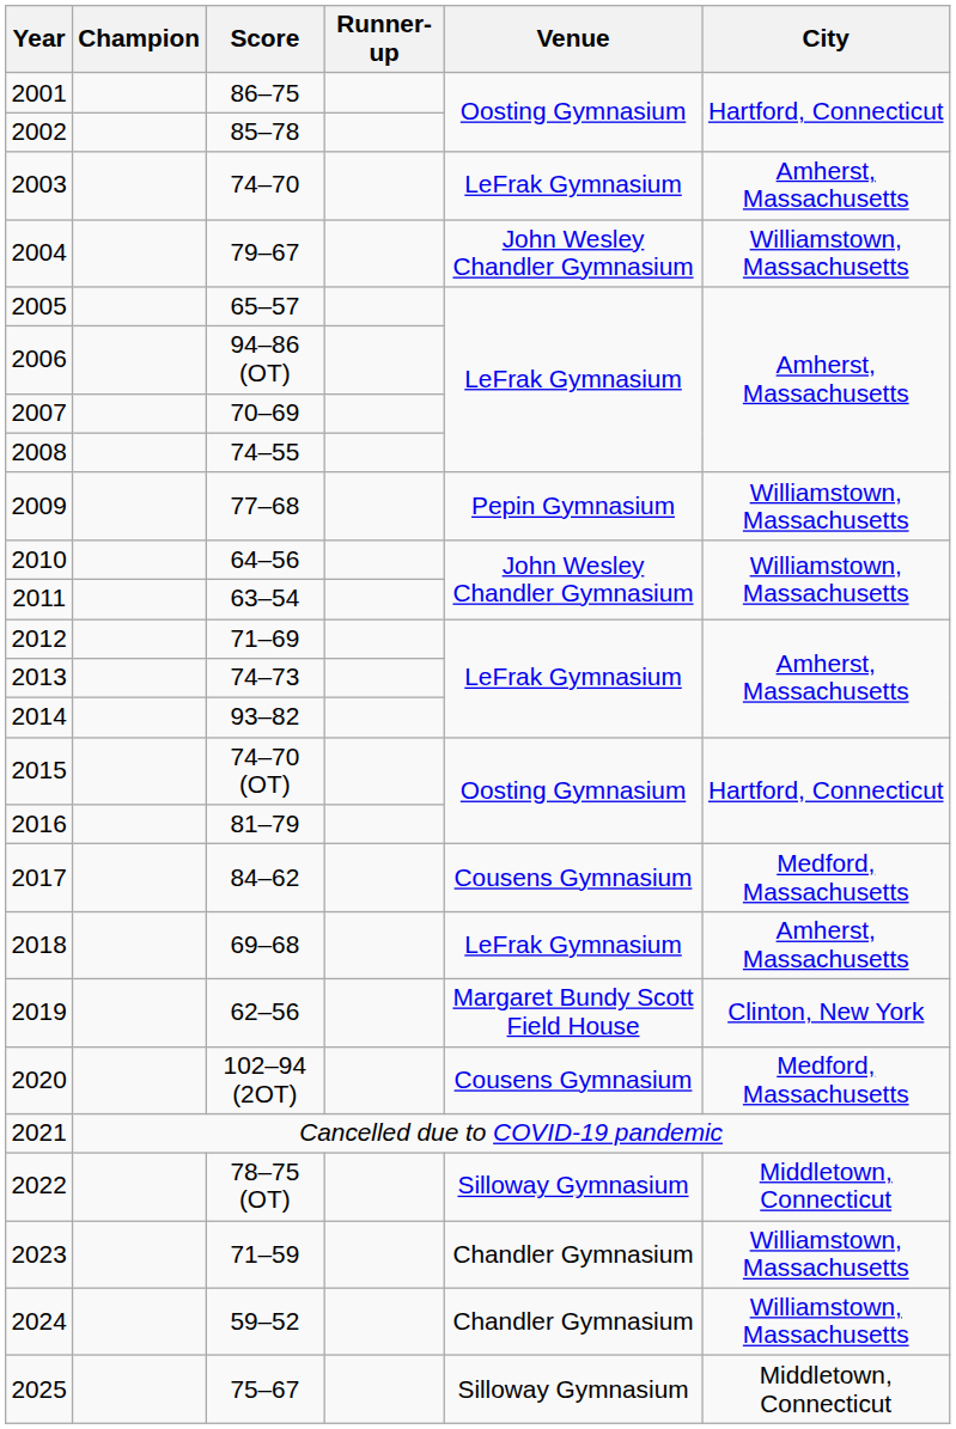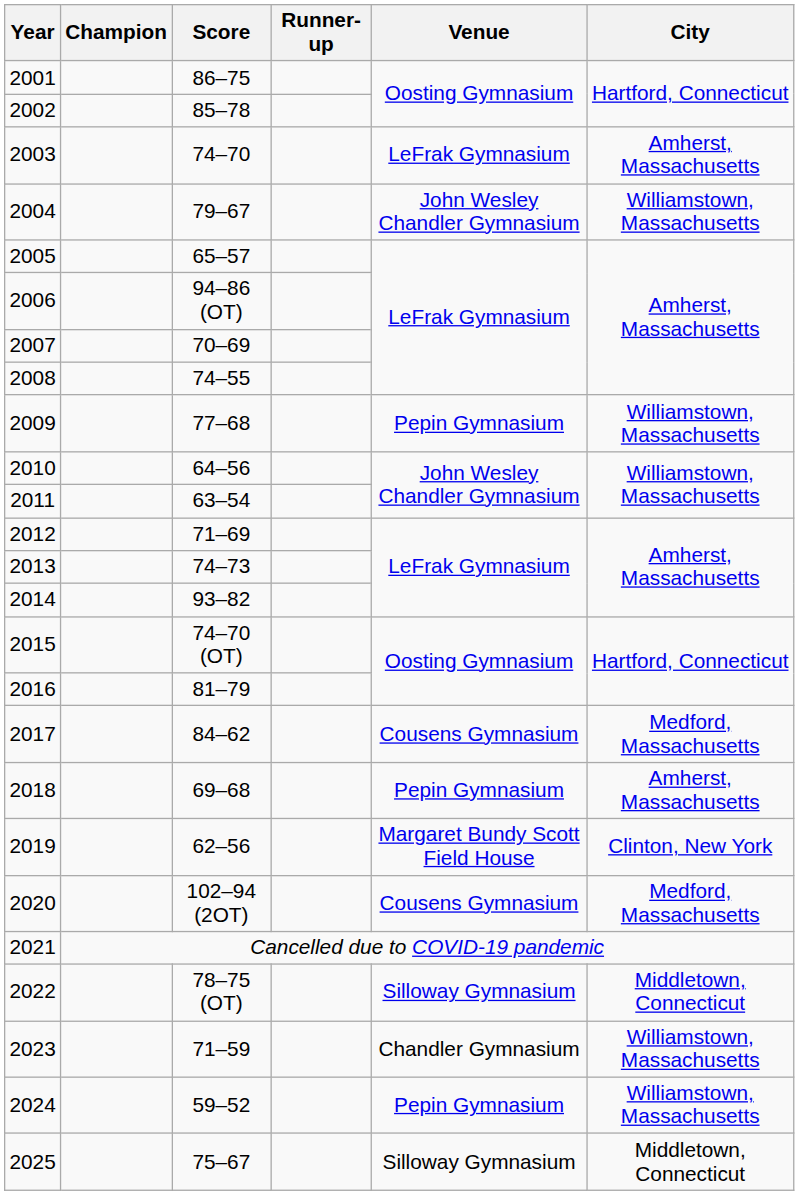 <table class="wikitable sortable">
 <tr>
 <th>Year</th>
 <th>Champion</th>
 <th>Score</th>
 <th>Runner-up</th>
 <th>Venue</th>
 <th>City</th>
 </tr>
 <tr align=center>
 <td>2001</td>
 <td></td>
 <td>86–75</td>
 <td></td>
 <td rowspan="2"><a href='#'>Oosting Gymnasium</a></td>
 <td rowspan="2"><a href='#'>Hartford, Connecticut</a></td>
 </tr>
 <tr align=center>
 <td>2002</td>
 <td></td>
 <td>85–78</td>
 <td></td>
 </tr>
 <tr align=center>
 <td>2003</td>
 <td></td>
 <td>74–70</td>
 <td></td>
 <td><a href='#'>LeFrak Gymnasium</a></td>
 <td><a href='#'>Amherst, Massachusetts</a></td>
 </tr>
 <tr align=center>
 <td>2004</td>
 <td></td>
 <td>79–67</td>
 <td></td>
 <td><a href='#'>John Wesley Chandler Gymnasium</a></td>
 <td><a href='#'>Williamstown, Massachusetts</a></td>
 </tr>
 <tr align=center>
 <td>2005</td>
 <td></td>
 <td>65–57</td>
 <td></td>
 <td rowspan="4"><a href='#'>LeFrak Gymnasium</a></td>
 <td rowspan="4"><a href='#'>Amherst, Massachusetts</a></td>
 </tr>
 <tr align=center>
 <td>2006</td>
 <td></td>
 <td>94–86 (OT)</td>
 <td></td>
 </tr>
 <tr align=center>
 <td>2007</td>
 <td></td>
 <td>70–69</td>
 <td></td>
 </tr>
 <tr align=center>
 <td>2008</td>
 <td></td>
 <td>74–55</td>
 <td></td>
 </tr>
 <tr align=center>
 <td>2009</td>
 <td></td>
 <td>77–68</td>
 <td></td>
 <td><a href='#'>Pepin Gymnasium</a></td>
 <td><a href='#'>Williamstown, Massachusetts</a></td>
 </tr>
 <tr align=center>
 <td>2010</td>
 <td></td>
 <td>64–56</td>
 <td></td>
 <td rowspan="2"><a href='#'>John Wesley Chandler Gymnasium</a></td>
 <td rowspan="2"><a href='#'>Williamstown, Massachusetts</a></td>
 </tr>
 <tr align=center>
 <td>2011</td>
 <td></td>
 <td>63–54</td>
 <td></td>
 </tr>
 <tr align=center>
 <td>2012</td>
 <td></td>
 <td>71–69</td>
 <td></td>
 <td rowspan="3"><a href='#'>LeFrak Gymnasium</a></td>
 <td rowspan="3"><a href='#'>Amherst, Massachusetts</a></td>
 </tr>
 <tr align=center>
 <td>2013</td>
 <td></td>
 <td>74–73</td>
 <td></td>
 </tr>
 <tr align=center>
 <td>2014</td>
 <td></td>
 <td>93–82</td>
 <td></td>
 </tr>
 <tr align=center>
 <td>2015</td>
 <td></td>
 <td>74–70 (OT)</td>
 <td></td>
 <td rowspan="2"><a href='#'>Oosting Gymnasium</a></td>
 <td rowspan="2"><a href='#'>Hartford, Connecticut</a></td>
 </tr>
 <tr align=center>
 <td>2016</td>
 <td></td>
 <td>81–79</td>
 <td></td>
 </tr>
 <tr align=center>
 <td>2017</td>
 <td></td>
 <td>84–62</td>
 <td></td>
 <td><a href='#'>Cousens Gymnasium</a></td>
 <td><a href='#'>Medford, Massachusetts</a></td>
 </tr>
 <tr align=center>
 <td>2018</td>
 <td></td>
 <td>69–68</td>
 <td></td>
-<td><a href='#'>LeFrak Gymnasium</a></td>
+<td><a href='#'>Pepin Gymnasium</a></td>
 <td><a href='#'>Amherst, Massachusetts</a></td>
 </tr>
 <tr align=center>
 <td>2019</td>
 <td></td>
 <td>62–56</td>
 <td></td>
 <td><a href='#'>Margaret Bundy Scott Field House</a></td>
 <td><a href='#'>Clinton, New York</a></td>
 </tr>
 <tr align=center>
 <td>2020</td>
 <td></td>
 <td>102–94 (2OT)</td>
 <td></td>
 <td><a href='#'>Cousens Gymnasium</a></td>
 <td><a href='#'>Medford, Massachusetts</a></td>
 </tr>
 <tr align=center>
 <td>2021</td>
 <td colspan="5"><em>Cancelled due to <a href='#'>COVID-19 pandemic</a></em></td>
 </tr>
 <tr align=center>
 <td>2022</td>
 <td></td>
 <td>78–75 (OT)</td>
 <td></td>
 <td><a href='#'>Silloway Gymnasium</a></td>
 <td><a href='#'>Middletown, Connecticut</a></td>
 </tr>
 <tr align=center>
 <td>2023</td>
 <td></td>
 <td>71–59</td>
 <td></td>
 <td>Chandler Gymnasium</td>
 <td><a href='#'>Williamstown, Massachusetts</a></td>
 </tr>
 <tr align=center>
 <td>2024</td>
 <td></td>
 <td>59–52</td>
 <td></td>
-<td>Chandler Gymnasium</td>
+<td><a href='#'>Pepin Gymnasium</a></td>
 <td><a href='#'>Williamstown, Massachusetts</a></td>
 </tr>
 <tr align=center>
 <td>2025</td>
 <td></td>
 <td>75–67</td>
 <td></td>
 <td>Silloway Gymnasium</td>
 <td>Middletown, Connecticut</td>
 </tr>
 </table>
